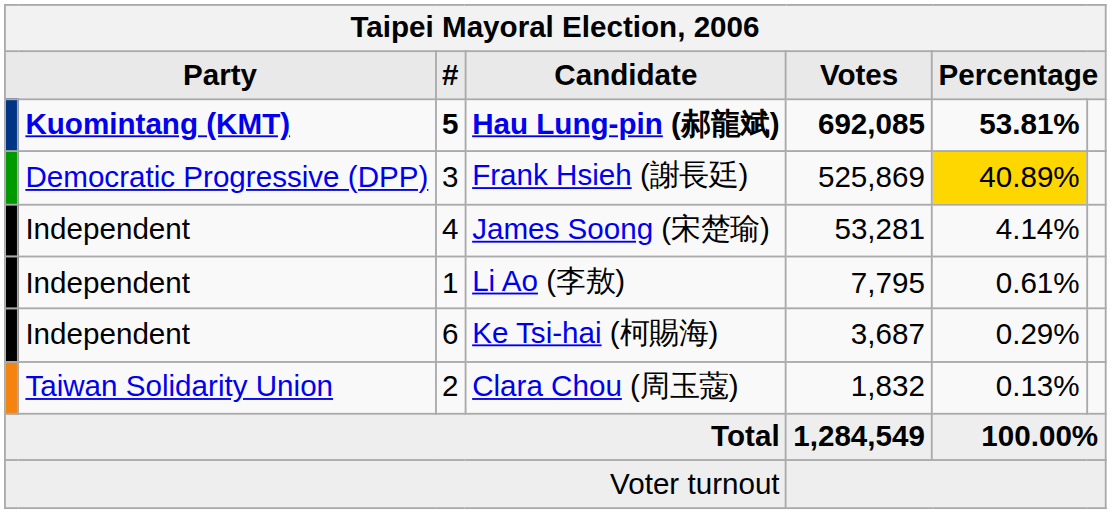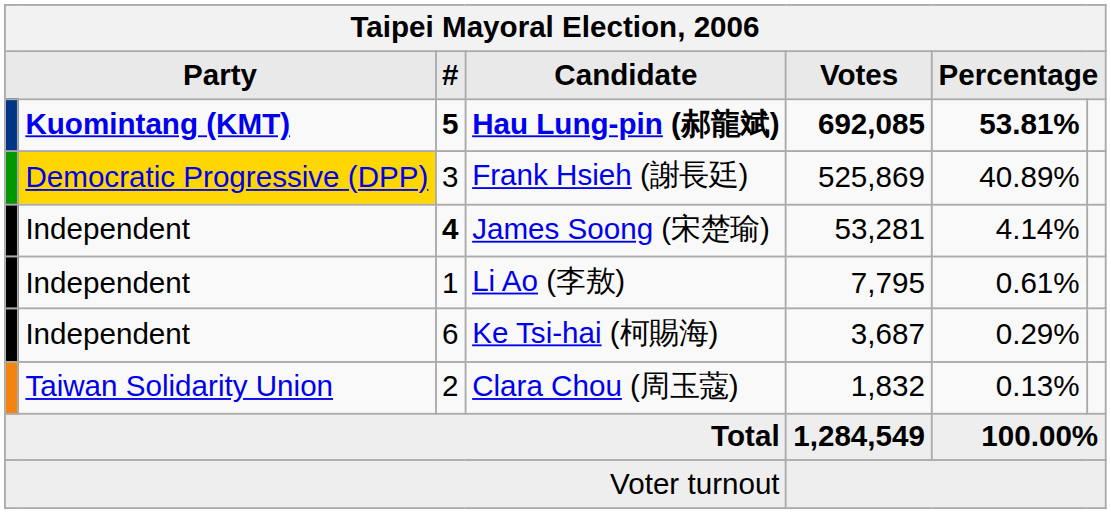 <table class="wikitable collapsible">
 <tr>
 <th colspan="7">Taipei Mayoral Election, 2006</th>
 </tr>
 <tr>
 <th style="background-color:#E9E9E9" colspan=2 style="width: 20em">Party</th>
 <th style="background-color:#E9E9E9" style="width: 2em">#</th>
 <th style="background-color:#E9E9E9" style="width: 13em">Candidate</th>
 <th style="background-color:#E9E9E9" style="width: 6em">Votes</th>
 <th style="background-color:#E9E9E9" colspan=2 style="width: 11em">Percentage</th>
 </tr>
 <tr>
 <td bgcolor="#003586"></td>
 <td align=left> <strong><a href='#'>Kuomintang (KMT)</a></strong></td>
 <td align=center><strong>5</strong></td>
 <td align=left><strong><a href='#'>Hau Lung-pin</a> (郝龍斌)</strong></td>
 <td align=right><strong>692,085</strong></td>
 <td align=right><strong>53.81%</strong></td>
 <td align=right></td>
 </tr>
 <tr>
 <td bgcolor="#009a00"></td>
-<td align=left><a href='#'>Democratic Progressive (DPP)</a></td>
+<td align=left style="background: gold;"><a href='#'>Democratic Progressive (DPP)</a></td>
 <td align=center>3</td>
 <td align=left><a href='#'>Frank Hsieh</a> (謝長廷)</td>
 <td align=right>525,869</td>
-<td align=right style="background: gold;">40.89%</td>
+<td align=right>40.89%</td>
 <td align=right></td>
 </tr>
 <tr>
 <td bgcolor="#000000"></td>
 <td align=left> Independent</td>
-<td align=center>4</td>
+<td align=center><strong>4</strong></td>
 <td align=left><a href='#'>James Soong</a> (宋楚瑜)</td>
 <td align=right>53,281</td>
 <td align=right>4.14%</td>
 <td align=right></td>
 </tr>
 <tr>
 <td bgcolor="#000000"></td>
 <td align=left> Independent</td>
 <td align=center>1</td>
 <td align=left><a href='#'>Li Ao</a> (李敖)</td>
 <td align=right>7,795</td>
 <td align=right>0.61%</td>
 <td align=right></td>
 </tr>
 <tr>
 <td bgcolor="#000000"></td>
 <td align=left> Independent</td>
 <td align=center>6</td>
 <td align=left><a href='#'>Ke Tsi-hai</a> (柯賜海)</td>
 <td align=right>3,687</td>
 <td align=right>0.29%</td>
 <td align=right></td>
 </tr>
 <tr>
 <td bgcolor="#f58310"></td>
 <td align=left><a href='#'>Taiwan Solidarity Union</a></td>
 <td align=center>2</td>
 <td align=left><a href='#'>Clara Chou</a> (周玉蔻)</td>
 <td align=right>1,832</td>
 <td align=right>0.13%</td>
 <td align=right></td>
 </tr>
 <tr bgcolor="#EEEEEE">
 <td colspan="4" align=right><strong>Total</strong></td>
 <td align=right><strong>1,284,549</strong></td>
 <td align=right colspan=2><strong>100.00%</strong></td>
 </tr>
 <tr bgcolor="#EEEEEE">
 <td colspan="4" align="right">Voter turnout</td>
 <td colspan="3" align="right"></td>
 </tr>
 </table>
